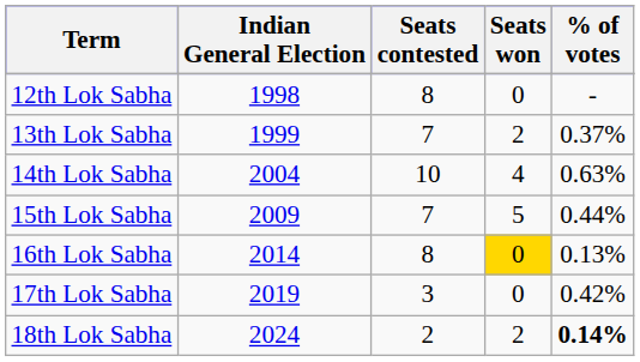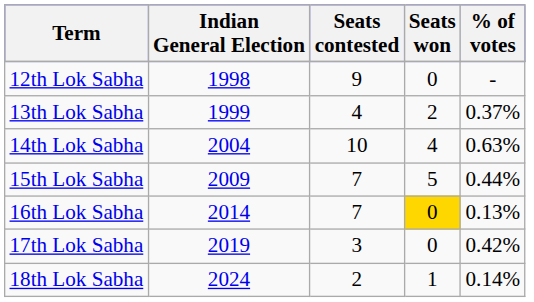 <table class="wikitable sortable" style="text-align:center;">
 <tr style="background:#00f;">
 <th style="background-color:">Term</th>
 <th style="background-color:">Indian<br> General Election</th>
 <th style="background-color:">Seats<br>contested</th>
 <th style="background-color:">Seats<br>won</th>
 <th style="background-color:">% of<br> votes</th>
 </tr>
 <tr>
 </tr>
 <tr>
 <td><a href='#'>12th Lok Sabha</a></td>
 <td><a href='#'>1998</a></td>
-<td>8</td>
+<td>9</td>
 <td>0</td>
 <td>-</td>
 </tr>
 <tr>
 <td><a href='#'>13th Lok Sabha</a></td>
 <td><a href='#'>1999</a></td>
-<td>7</td>
+<td>4</td>
 <td>2</td>
 <td>0.37%</td>
 </tr>
 <tr>
 <td><a href='#'>14th Lok Sabha</a></td>
 <td><a href='#'>2004</a></td>
 <td>10</td>
 <td>4</td>
 <td>0.63%</td>
 </tr>
 <tr>
 <td><a href='#'>15th Lok Sabha</a></td>
 <td><a href='#'>2009</a></td>
 <td>7</td>
 <td>5</td>
 <td>0.44%</td>
 </tr>
 <tr>
 <td><a href='#'>16th Lok Sabha</a></td>
 <td><a href='#'>2014</a></td>
-<td>8</td>
+<td>7</td>
 <td style="background: gold;">0</td>
 <td>0.13%</td>
 </tr>
 <tr>
 <td><a href='#'>17th Lok Sabha</a></td>
 <td><a href='#'>2019</a></td>
 <td>3</td>
 <td>0</td>
 <td>0.42%</td>
 </tr>
 <tr>
 <td><a href='#'>18th Lok Sabha</a></td>
 <td><a href='#'>2024</a></td>
 <td>2</td>
-<td>2</td>
-<td><strong>0.14%</strong></td>
+<td>1</td>
+<td>0.14%</td>
 </tr>
 </table>
